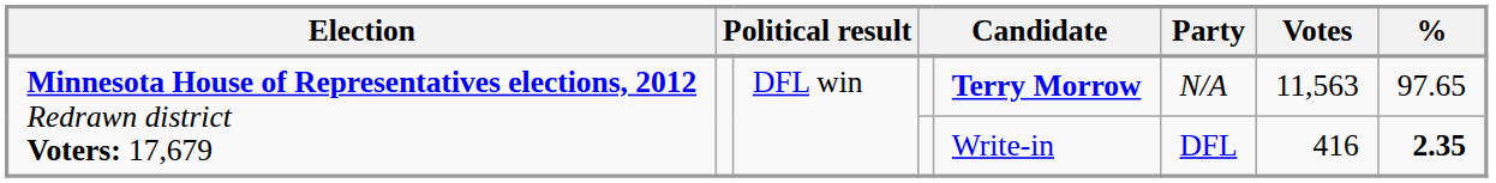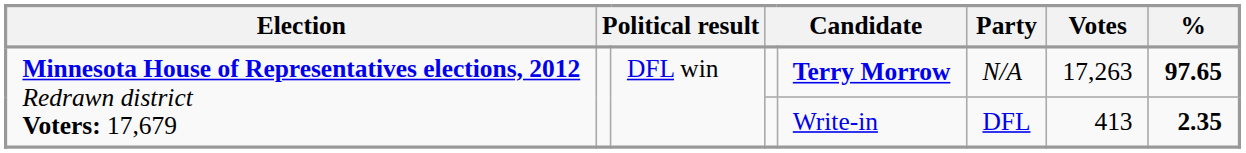 <table class="wikitable">
 <tr style="border: 2px solid #999999">
 <th>Election</th>
 <th align="center" colspan="2">Political result</th>
 <th align="center" colspan="2">Candidate</th>
 <th align="center">Party</th>
 <th align="center">Votes</th>
 <th align="center">%</th>
 </tr>
 <tr style="border-left: 2px solid #999999; border-right: 2px solid #999999">
 <td rowspan="2" valign="top" style="padding:0.2em 0.6em 0.2em 0.6em"><strong><a href='#'>Minnesota House of Representatives elections, 2012</a></strong><br><span><em>Redrawn district</em><br><strong>Voters:</strong> 17,679</span></td>
 <td rowspan="2" style="background-color:"></td>
 <td rowspan="2" valign="top" style="padding:0.2em 0.6em 0.2em 0.6em"><a href='#'>DFL</a> win</td>
 <td style="background-color:"></td>
 <td style="padding:0.2em 0.6em 0.2em 0.6em"><strong><a href='#'>Terry Morrow</a></strong></td>
 <td style="padding:0.2em 0.6em 0.2em 0.6em"><em>N/A</em></td>
-<td style="padding:0.2em 0.6em 0.2em 0.6em" align="right">11,563</td>
-<td style="padding:0.2em 0.6em 0.2em 0.6em" align="right">97.65</td>
+<td style="padding:0.2em 0.6em 0.2em 0.6em" align="right">17,263</td>
+<td style="padding:0.2em 0.6em 0.2em 0.6em" align="right"><strong>97.65</strong></td>
 </tr>
 <tr style="border-left: 2px solid #999999; border-right: 2px solid #999999; border-bottom: 2px solid #999999">
 <td style="background-color:"></td>
 <td style="padding:0.2em 0.6em 0.2em 0.6em"><a href='#'>Write-in</a></td>
 <td style="padding:0.2em 0.6em 0.2em 0.6em"><a href='#'>DFL</a></td>
-<td style="padding:0.2em 0.6em 0.2em 0.6em" align="right">416</td>
+<td style="padding:0.2em 0.6em 0.2em 0.6em" align="right">413</td>
 <td style="padding:0.2em 0.6em 0.2em 0.6em" align="right"><strong>2.35</strong></td>
 </tr>
 </table>
